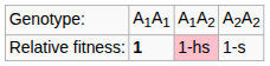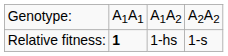 <table class="wikitable">
 <tr>
 <td>Genotype:</td>
 <td>A<sub>1</sub>A<sub>1</sub></td>
 <td>A<sub>1</sub>A<sub>2</sub></td>
 <td>A<sub>2</sub>A<sub>2</sub></td>
 </tr>
 <tr>
 <td>Relative fitness:</td>
 <td><strong>1</strong></td>
-<td style="background: pink;">1-hs</td>
+<td>1-hs</td>
 <td>1-s</td>
 </tr>
 </table>
